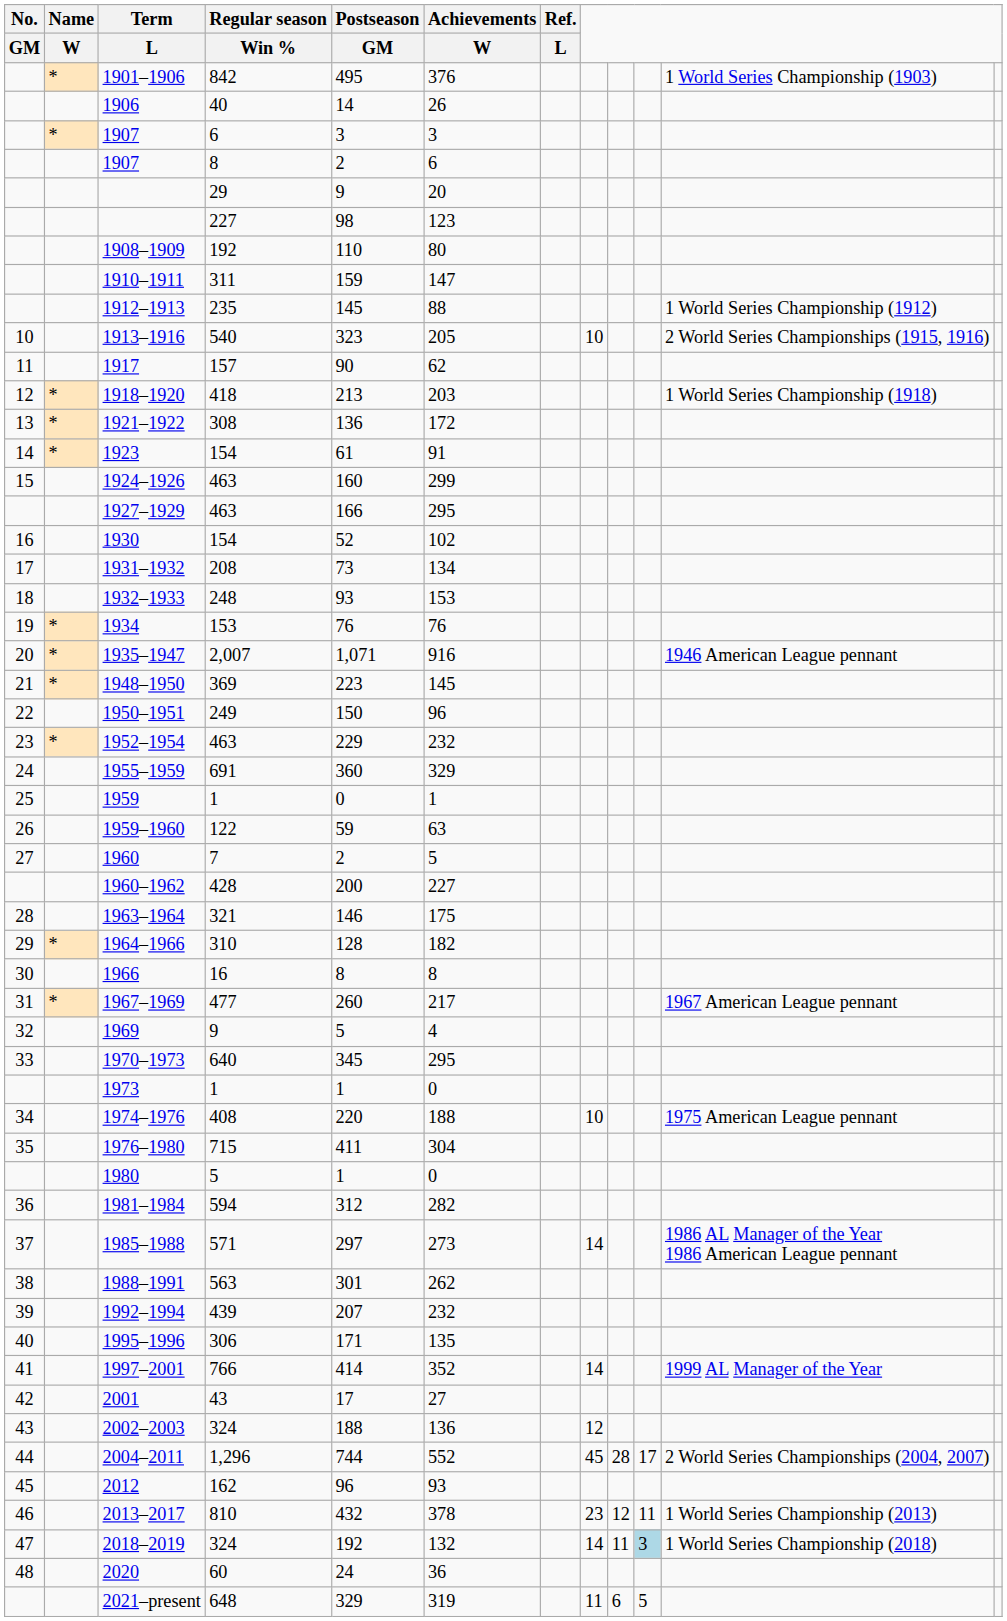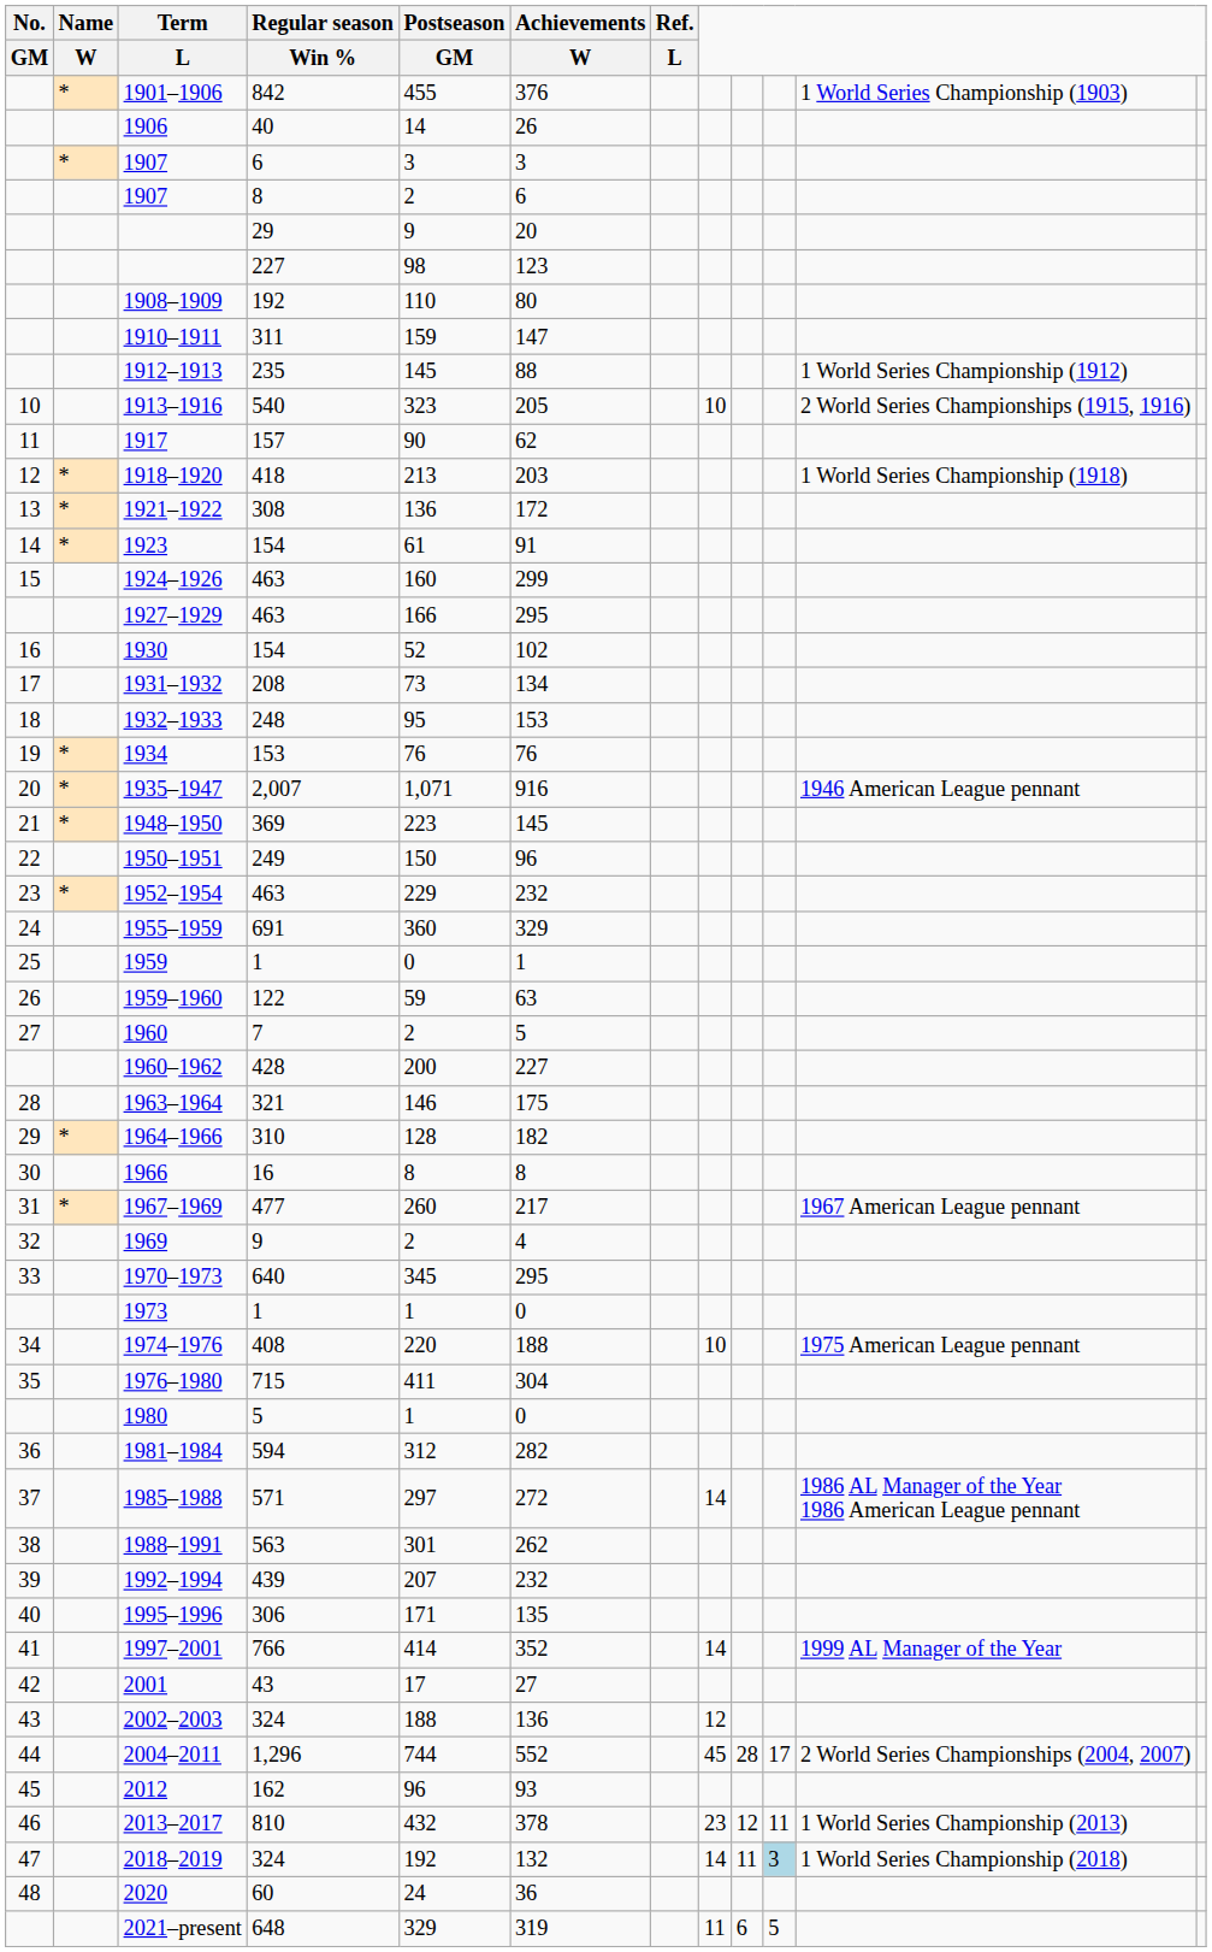 <table class="wikitable sortable">
 <tr>
 <th>No.</th>
 <th>Name</th>
 <th>Term</th>
 <th>Regular season</th>
 <th>Postseason</th>
 <th class="unsortable">Achievements</th>
 <th class="unsortable">Ref.</th>
 </tr>
 <tr>
 <th>GM</th>
 <th>W</th>
 <th>L</th>
 <th>Win %</th>
 <th>GM</th>
 <th>W</th>
 <th>L</th>
 </tr>
 <tr>
 <td align="center"></td>
 <td style="background-color:#FFE6BD"><strong></strong>*</td>
 <td><a href='#'>1901</a>–<a href='#'>1906</a></td>
 <td>842</td>
-<td>495</td>
+<td>455</td>
 <td>376</td>
 <td></td>
 <td></td>
 <td></td>
 <td></td>
 <td>1 <a href='#'>World Series</a> Championship (<a href='#'>1903</a>)</td>
 <td></td>
 </tr>
 <tr>
 <td align="center"></td>
 <td></td>
 <td><a href='#'>1906</a></td>
 <td>40</td>
 <td>14</td>
 <td>26</td>
 <td></td>
 <td></td>
 <td></td>
 <td></td>
 <td></td>
 <td></td>
 </tr>
 <tr>
 <td align="center"></td>
 <td style="background-color:#FFE6BD"><strong></strong>*</td>
 <td><a href='#'>1907</a></td>
 <td>6</td>
 <td>3</td>
 <td>3</td>
 <td></td>
 <td></td>
 <td></td>
 <td></td>
 <td></td>
 <td></td>
 </tr>
 <tr>
 <td align="center"></td>
 <td></td>
 <td><a href='#'>1907</a></td>
 <td>8</td>
 <td>2</td>
 <td>6</td>
 <td></td>
 <td></td>
 <td></td>
 <td></td>
 <td></td>
 <td></td>
 </tr>
 <tr>
 <td align="center"></td>
 <td></td>
 <td></td>
 <td>29</td>
 <td>9</td>
 <td>20</td>
 <td></td>
 <td></td>
 <td></td>
 <td></td>
 <td></td>
 <td></td>
 </tr>
 <tr>
 <td align="center"></td>
 <td></td>
 <td></td>
 <td>227</td>
 <td>98</td>
 <td>123</td>
 <td></td>
 <td></td>
 <td></td>
 <td></td>
 <td></td>
 <td></td>
 </tr>
 <tr>
 <td align="center"></td>
 <td></td>
 <td><a href='#'>1908</a>–<a href='#'>1909</a></td>
 <td>192</td>
 <td>110</td>
 <td>80</td>
 <td></td>
 <td></td>
 <td></td>
 <td></td>
 <td></td>
 <td></td>
 </tr>
 <tr>
 <td align="center"></td>
 <td></td>
 <td><a href='#'>1910</a>–<a href='#'>1911</a></td>
 <td>311</td>
 <td>159</td>
 <td>147</td>
 <td></td>
 <td></td>
 <td></td>
 <td></td>
 <td></td>
 <td></td>
 </tr>
 <tr>
 <td align="center"></td>
 <td></td>
 <td><a href='#'>1912</a>–<a href='#'>1913</a></td>
 <td>235</td>
 <td>145</td>
 <td>88</td>
 <td></td>
 <td></td>
 <td></td>
 <td></td>
 <td>1 World Series Championship (<a href='#'>1912</a>)</td>
 <td></td>
 </tr>
 <tr>
 <td align="center">10</td>
 <td><strong></strong></td>
 <td><a href='#'>1913</a>–<a href='#'>1916</a></td>
 <td>540</td>
 <td>323</td>
 <td>205</td>
 <td></td>
 <td>10</td>
 <td></td>
 <td></td>
 <td>2 World Series Championships (<a href='#'>1915</a>, <a href='#'>1916</a>)</td>
 <td></td>
 </tr>
 <tr>
 <td align="center">11</td>
 <td></td>
 <td><a href='#'>1917</a></td>
 <td>157</td>
 <td>90</td>
 <td>62</td>
 <td></td>
 <td></td>
 <td></td>
 <td></td>
 <td></td>
 <td></td>
 </tr>
 <tr>
 <td align="center">12</td>
 <td style="background-color:#FFE6BD">*</td>
 <td><a href='#'>1918</a>–<a href='#'>1920</a></td>
 <td>418</td>
 <td>213</td>
 <td>203</td>
 <td></td>
 <td></td>
 <td></td>
 <td></td>
 <td>1 World Series Championship (<a href='#'>1918</a>)</td>
 <td></td>
 </tr>
 <tr>
 <td align="center">13</td>
 <td style="background-color:#FFE6BD">*</td>
 <td><a href='#'>1921</a>–<a href='#'>1922</a></td>
 <td>308</td>
 <td>136</td>
 <td>172</td>
 <td></td>
 <td></td>
 <td></td>
 <td></td>
 <td></td>
 <td></td>
 </tr>
 <tr>
 <td align="center">14</td>
 <td style="background-color:#FFE6BD">*</td>
 <td><a href='#'>1923</a></td>
 <td>154</td>
 <td>61</td>
 <td>91</td>
 <td></td>
 <td></td>
 <td></td>
 <td></td>
 <td></td>
 <td></td>
 </tr>
 <tr>
 <td align="center">15</td>
 <td></td>
 <td><a href='#'>1924</a>–<a href='#'>1926</a></td>
 <td>463</td>
 <td>160</td>
 <td>299</td>
 <td></td>
 <td></td>
 <td></td>
 <td></td>
 <td></td>
 <td></td>
 </tr>
 <tr>
 <td align="center"></td>
 <td><strong></strong></td>
 <td><a href='#'>1927</a>–<a href='#'>1929</a></td>
 <td>463</td>
 <td>166</td>
 <td>295</td>
 <td></td>
 <td></td>
 <td></td>
 <td></td>
 <td></td>
 <td></td>
 </tr>
 <tr>
 <td align="center">16</td>
 <td></td>
 <td><a href='#'>1930</a></td>
 <td>154</td>
 <td>52</td>
 <td>102</td>
 <td></td>
 <td></td>
 <td></td>
 <td></td>
 <td></td>
 <td></td>
 </tr>
 <tr>
 <td align="center">17</td>
 <td></td>
 <td><a href='#'>1931</a>–<a href='#'>1932</a></td>
 <td>208</td>
 <td>73</td>
 <td>134</td>
 <td></td>
 <td></td>
 <td></td>
 <td></td>
 <td></td>
 <td></td>
 </tr>
 <tr>
 <td align="center">18</td>
 <td></td>
 <td><a href='#'>1932</a>–<a href='#'>1933</a></td>
 <td>248</td>
-<td>93</td>
+<td>95</td>
 <td>153</td>
 <td></td>
 <td></td>
 <td></td>
 <td></td>
 <td></td>
 <td></td>
 </tr>
 <tr>
 <td align="center">19</td>
 <td style="background-color:#FFE6BD">*</td>
 <td><a href='#'>1934</a></td>
 <td>153</td>
 <td>76</td>
 <td>76</td>
 <td></td>
 <td></td>
 <td></td>
 <td></td>
 <td></td>
 <td></td>
 </tr>
 <tr>
 <td align="center">20</td>
 <td style="background-color:#FFE6BD"><strong></strong>*</td>
 <td><a href='#'>1935</a>–<a href='#'>1947</a></td>
 <td>2,007</td>
 <td>1,071</td>
 <td>916</td>
 <td></td>
 <td></td>
 <td></td>
 <td></td>
 <td><a href='#'>1946</a> American League pennant</td>
 <td></td>
 </tr>
 <tr>
 <td align="center">21</td>
 <td style="background-color:#FFE6BD">*</td>
 <td><a href='#'>1948</a>–<a href='#'>1950</a></td>
 <td>369</td>
 <td>223</td>
 <td>145</td>
 <td></td>
 <td></td>
 <td></td>
 <td></td>
 <td></td>
 <td></td>
 </tr>
 <tr>
 <td align="center">22</td>
 <td></td>
 <td><a href='#'>1950</a>–<a href='#'>1951</a></td>
 <td>249</td>
 <td>150</td>
 <td>96</td>
 <td></td>
 <td></td>
 <td></td>
 <td></td>
 <td></td>
 <td></td>
 </tr>
 <tr>
 <td align="center">23</td>
 <td style="background-color:#FFE6BD">*</td>
 <td><a href='#'>1952</a>–<a href='#'>1954</a></td>
 <td>463</td>
 <td>229</td>
 <td>232</td>
 <td></td>
 <td></td>
 <td></td>
 <td></td>
 <td></td>
 <td></td>
 </tr>
 <tr>
 <td align="center">24</td>
 <td></td>
 <td><a href='#'>1955</a>–<a href='#'>1959</a></td>
 <td>691</td>
 <td>360</td>
 <td>329</td>
 <td></td>
 <td></td>
 <td></td>
 <td></td>
 <td></td>
 <td></td>
 </tr>
 <tr>
 <td align="center">25</td>
 <td></td>
 <td><a href='#'>1959</a></td>
 <td>1</td>
 <td>0</td>
 <td>1</td>
 <td></td>
 <td></td>
 <td></td>
 <td></td>
 <td></td>
 <td></td>
 </tr>
 <tr>
 <td align="center">26</td>
 <td></td>
 <td><a href='#'>1959</a>–<a href='#'>1960</a></td>
 <td>122</td>
 <td>59</td>
 <td>63</td>
 <td></td>
 <td></td>
 <td></td>
 <td></td>
 <td></td>
 <td></td>
 </tr>
 <tr>
 <td align="center">27</td>
 <td></td>
 <td><a href='#'>1960</a></td>
 <td>7</td>
 <td>2</td>
 <td>5</td>
 <td></td>
 <td></td>
 <td></td>
 <td></td>
 <td></td>
 <td></td>
 </tr>
 <tr>
 <td align="center"></td>
 <td></td>
 <td><a href='#'>1960</a>–<a href='#'>1962</a></td>
 <td>428</td>
 <td>200</td>
 <td>227</td>
 <td></td>
 <td></td>
 <td></td>
 <td></td>
 <td></td>
 <td></td>
 </tr>
 <tr>
 <td align="center">28</td>
 <td><strong></strong></td>
 <td><a href='#'>1963</a>–<a href='#'>1964</a></td>
 <td>321</td>
 <td>146</td>
 <td>175</td>
 <td></td>
 <td></td>
 <td></td>
 <td></td>
 <td></td>
 <td></td>
 </tr>
 <tr>
 <td align="center">29</td>
 <td style="background-color:#FFE6BD">*</td>
 <td><a href='#'>1964</a>–<a href='#'>1966</a></td>
 <td>310</td>
 <td>128</td>
 <td>182</td>
 <td></td>
 <td></td>
 <td></td>
 <td></td>
 <td></td>
 <td></td>
 </tr>
 <tr>
 <td align="center">30</td>
 <td><strong></strong></td>
 <td><a href='#'>1966</a></td>
 <td>16</td>
 <td>8</td>
 <td>8</td>
 <td></td>
 <td></td>
 <td></td>
 <td></td>
 <td></td>
 <td></td>
 </tr>
 <tr>
 <td align="center">31</td>
 <td style="background-color:#FFE6BD"><strong></strong>*</td>
 <td><a href='#'>1967</a>–<a href='#'>1969</a></td>
 <td>477</td>
 <td>260</td>
 <td>217</td>
 <td></td>
 <td></td>
 <td></td>
 <td></td>
 <td><a href='#'>1967</a> American League pennant</td>
 <td></td>
 </tr>
 <tr>
 <td align="center">32</td>
 <td></td>
 <td><a href='#'>1969</a></td>
 <td>9</td>
-<td>5</td>
+<td>2</td>
 <td>4</td>
 <td></td>
 <td></td>
 <td></td>
 <td></td>
 <td></td>
 <td></td>
 </tr>
 <tr>
 <td align="center">33</td>
 <td><strong></strong></td>
 <td><a href='#'>1970</a>–<a href='#'>1973</a></td>
 <td>640</td>
 <td>345</td>
 <td>295</td>
 <td></td>
 <td></td>
 <td></td>
 <td></td>
 <td></td>
 <td></td>
 </tr>
 <tr>
 <td align="center"></td>
 <td></td>
 <td><a href='#'>1973</a></td>
 <td>1</td>
 <td>1</td>
 <td>0</td>
 <td></td>
 <td></td>
 <td></td>
 <td></td>
 <td></td>
 <td></td>
 </tr>
 <tr>
 <td align="center">34</td>
 <td></td>
 <td><a href='#'>1974</a>–<a href='#'>1976</a></td>
 <td>408</td>
 <td>220</td>
 <td>188</td>
 <td></td>
 <td>10</td>
 <td></td>
 <td></td>
 <td><a href='#'>1975</a> American League pennant</td>
 <td></td>
 </tr>
 <tr>
 <td align="center">35</td>
 <td><strong></strong></td>
 <td><a href='#'>1976</a>–<a href='#'>1980</a></td>
 <td>715</td>
 <td>411</td>
 <td>304</td>
 <td></td>
 <td></td>
 <td></td>
 <td></td>
 <td></td>
 <td></td>
 </tr>
 <tr>
 <td align="center"></td>
 <td><strong></strong></td>
 <td><a href='#'>1980</a></td>
 <td>5</td>
 <td>1</td>
 <td>0</td>
 <td></td>
 <td></td>
 <td></td>
 <td></td>
 <td></td>
 <td></td>
 </tr>
 <tr>
 <td align="center">36</td>
 <td></td>
 <td><a href='#'>1981</a>–<a href='#'>1984</a></td>
 <td>594</td>
 <td>312</td>
 <td>282</td>
 <td></td>
 <td></td>
 <td></td>
 <td></td>
 <td></td>
 <td></td>
 </tr>
 <tr>
 <td align="center">37</td>
 <td></td>
 <td><a href='#'>1985</a>–<a href='#'>1988</a></td>
 <td>571</td>
 <td>297</td>
-<td>273</td>
+<td>272</td>
 <td></td>
 <td>14</td>
 <td></td>
 <td></td>
 <td><a href='#'>1986</a> <a href='#'>AL</a> <a href='#'>Manager of the Year</a><br><a href='#'>1986</a> American League pennant</td>
 <td></td>
 </tr>
 <tr>
 <td align="center">38</td>
 <td><strong></strong></td>
 <td><a href='#'>1988</a>–<a href='#'>1991</a></td>
 <td>563</td>
 <td>301</td>
 <td>262</td>
 <td></td>
 <td></td>
 <td></td>
 <td></td>
 <td></td>
 <td></td>
 </tr>
 <tr>
 <td align="center">39</td>
 <td></td>
 <td><a href='#'>1992</a>–<a href='#'>1994</a></td>
 <td>439</td>
 <td>207</td>
 <td>232</td>
 <td></td>
 <td></td>
 <td></td>
 <td></td>
 <td></td>
 <td></td>
 </tr>
 <tr>
 <td align="center">40</td>
 <td></td>
 <td><a href='#'>1995</a>–<a href='#'>1996</a></td>
 <td>306</td>
 <td>171</td>
 <td>135</td>
 <td></td>
 <td></td>
 <td></td>
 <td></td>
 <td></td>
 <td></td>
 </tr>
 <tr>
 <td align="center">41</td>
 <td></td>
 <td><a href='#'>1997</a>–<a href='#'>2001</a></td>
 <td>766</td>
 <td>414</td>
 <td>352</td>
 <td></td>
 <td>14</td>
 <td></td>
 <td></td>
 <td><a href='#'>1999</a> <a href='#'>AL</a> <a href='#'>Manager of the Year</a></td>
 <td></td>
 </tr>
 <tr>
 <td align="center">42</td>
 <td></td>
 <td><a href='#'>2001</a></td>
 <td>43</td>
 <td>17</td>
 <td>27</td>
 <td></td>
 <td></td>
 <td></td>
 <td></td>
 <td></td>
 <td></td>
 </tr>
 <tr>
 <td align="center">43</td>
 <td></td>
 <td><a href='#'>2002</a>–<a href='#'>2003</a></td>
 <td>324</td>
 <td>188</td>
 <td>136</td>
 <td></td>
 <td>12</td>
 <td></td>
 <td></td>
 <td></td>
 <td></td>
 </tr>
 <tr>
 <td align="center">44</td>
 <td></td>
 <td><a href='#'>2004</a>–<a href='#'>2011</a></td>
 <td>1,296</td>
 <td>744</td>
 <td>552</td>
 <td></td>
 <td>45</td>
 <td>28</td>
 <td>17</td>
 <td>2 World Series Championships (<a href='#'>2004</a>, <a href='#'>2007</a>)</td>
 <td></td>
 </tr>
 <tr>
 <td align="center">45</td>
 <td></td>
 <td><a href='#'>2012</a></td>
 <td>162</td>
 <td>96</td>
 <td>93</td>
 <td></td>
 <td></td>
 <td></td>
 <td></td>
 <td></td>
 <td></td>
 </tr>
 <tr>
 <td align="center">46</td>
 <td></td>
 <td><a href='#'>2013</a>–<a href='#'>2017</a></td>
 <td>810</td>
 <td>432</td>
 <td>378</td>
 <td></td>
 <td>23</td>
 <td>12</td>
 <td>11</td>
 <td>1 World Series Championship (<a href='#'>2013</a>)</td>
 <td></td>
 </tr>
 <tr>
 <td align="center">47</td>
 <td></td>
 <td><a href='#'>2018</a>–<a href='#'>2019</a></td>
 <td>324</td>
 <td>192</td>
 <td>132</td>
 <td></td>
 <td>14</td>
 <td>11</td>
 <td style="background: lightblue;">3</td>
 <td>1 World Series Championship (<a href='#'>2018</a>)</td>
 <td></td>
 </tr>
 <tr>
 <td align="center">48</td>
 <td></td>
 <td><a href='#'>2020</a></td>
 <td>60</td>
 <td>24</td>
 <td>36</td>
 <td></td>
 <td></td>
 <td></td>
 <td></td>
 <td></td>
 <td></td>
 </tr>
 <tr>
 <td align="center"></td>
 <td></td>
 <td><a href='#'>2021</a>–present</td>
 <td>648</td>
 <td>329</td>
 <td>319</td>
 <td></td>
 <td>11</td>
 <td>6</td>
 <td>5</td>
 <td></td>
 <td></td>
 </tr>
 </table>
